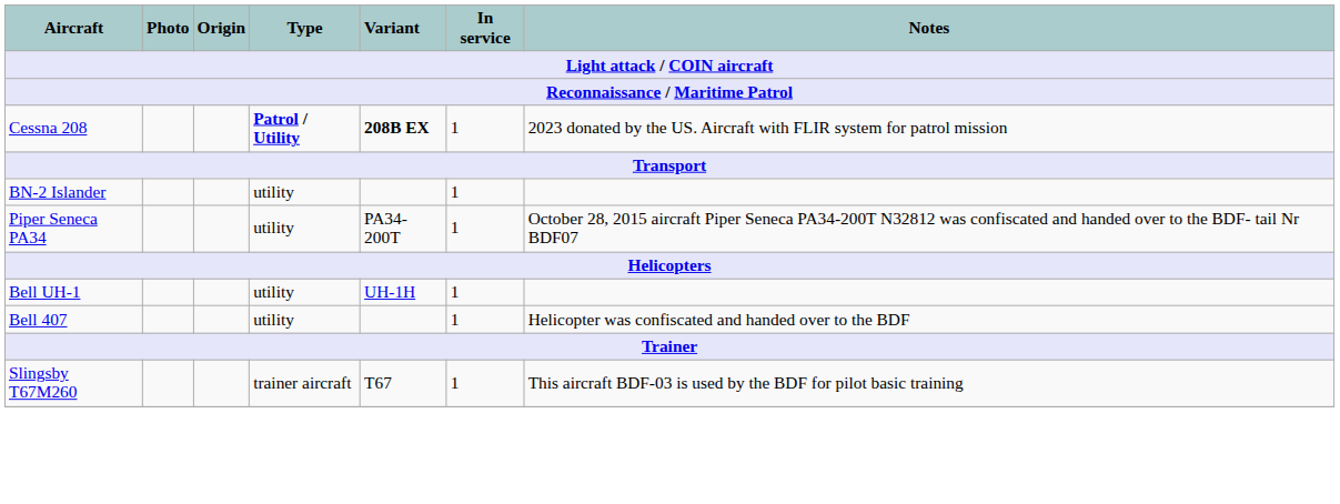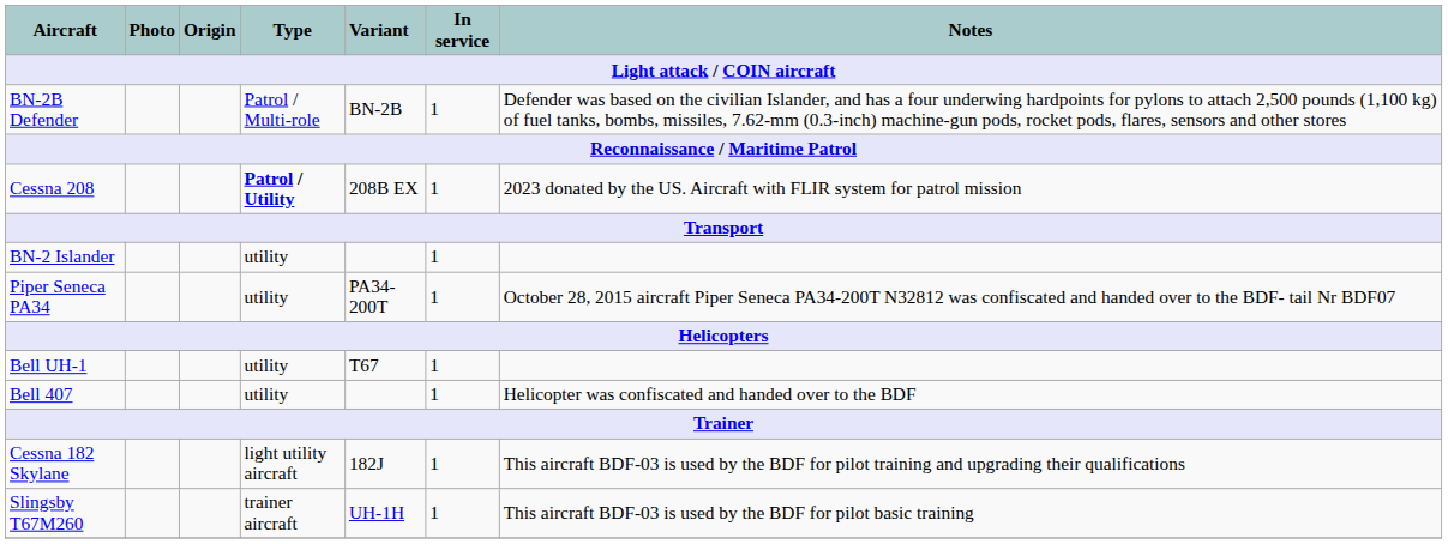 <table class="wikitable">
 <tr>
 <th style="text-align:center; background:#acc;">Aircraft</th>
 <th style="text-align:center; background:#acc;">Photo</th>
 <th style="text-align: center; background:#acc;">Origin</th>
 <th style="text-align:l center; background:#acc;">Type</th>
 <th style="text-align:left; background:#acc;">Variant</th>
 <th style="text-align:center; background:#acc;">In service</th>
 <th style="text-align: center; background:#acc;">Notes</th>
 </tr>
 <tr>
 <th style="align: center; background: lavender;" colspan="7"><a href='#'>Light attack</a> / <a href='#'>COIN aircraft</a></th>
 </tr>
 <tr>
+<td><a href='#'>BN-2B Defender</a></td>
+<td></td>
+<td></td>
+<td><a href='#'>Patrol</a> / <a href='#'>Multi-role</a></td>
+<td>BN-2B</td>
+<td>1</td>
+<td>Defender was based on the civilian Islander, and has a four underwing hardpoints for pylons to attach 2,500 pounds (1,100 kg) of fuel tanks, bombs, missiles, 7.62-mm (0.3-inch) machine-gun pods, rocket pods, flares, sensors and other stores</td>
+</tr>
+<tr>
 <th style="align: center; background: lavender;" colspan="7"><a href='#'>Reconnaissance</a> / <a href='#'>Maritime Patrol</a></th>
 </tr>
 <tr>
 <td><a href='#'>Cessna 208</a></td>
 <td></td>
 <td></td>
 <td><strong><a href='#'>Patrol</a> / <a href='#'>Utility</a></strong></td>
-<td><strong>208B EX</strong></td>
+<td>208B EX</td>
 <td>1</td>
 <td>2023 donated by the US. Aircraft with FLIR system for patrol mission</td>
 </tr>
 <tr>
 <th style="align: center; background: lavender;" colspan="7"><a href='#'>Transport</a></th>
 </tr>
 <tr>
 <td><a href='#'>BN-2 Islander</a></td>
 <td></td>
 <td></td>
 <td>utility</td>
 <td></td>
 <td>1</td>
 <td></td>
 </tr>
 <tr>
 <td><a href='#'>Piper Seneca PA34</a></td>
 <td></td>
 <td></td>
 <td>utility</td>
 <td>PA34-200T</td>
 <td>1</td>
 <td>October 28, 2015 aircraft Piper Seneca PA34-200T N32812 was confiscated and handed over to the BDF- tail Nr BDF07</td>
 </tr>
 <tr>
 <th style="align: center; background: lavender;" colspan="7"><a href='#'>Helicopters</a></th>
 </tr>
 <tr>
 <td><a href='#'>Bell UH-1</a></td>
 <td></td>
 <td></td>
 <td>utility</td>
-<td><a href='#'>UH-1H</a></td>
+<td>T67</td>
 <td>1</td>
 <td></td>
 </tr>
 <tr>
 <td><a href='#'>Bell 407</a></td>
 <td></td>
 <td></td>
 <td>utility</td>
 <td></td>
 <td>1</td>
 <td>Helicopter was confiscated and handed over to the BDF</td>
 </tr>
 <tr>
 <th style="align: center; background: lavender;" colspan="7"><a href='#'>Trainer</a></th>
 </tr>
 <tr>
+<td><a href='#'>Cessna 182 Skylane</a></td>
+<td></td>
+<td></td>
+<td>light utility aircraft</td>
+<td>182J</td>
+<td>1</td>
+<td>This aircraft BDF-03 is used by the BDF for pilot training and upgrading their qualifications</td>
+</tr>
+<tr>
 <td><a href='#'>Slingsby T67M260</a></td>
 <td></td>
 <td></td>
 <td>trainer aircraft</td>
-<td>T67</td>
+<td><a href='#'>UH-1H</a></td>
 <td>1</td>
 <td>This aircraft BDF-03 is used by the BDF for pilot basic training</td>
 </tr>
 <tr>
 </tr>
 </table>
